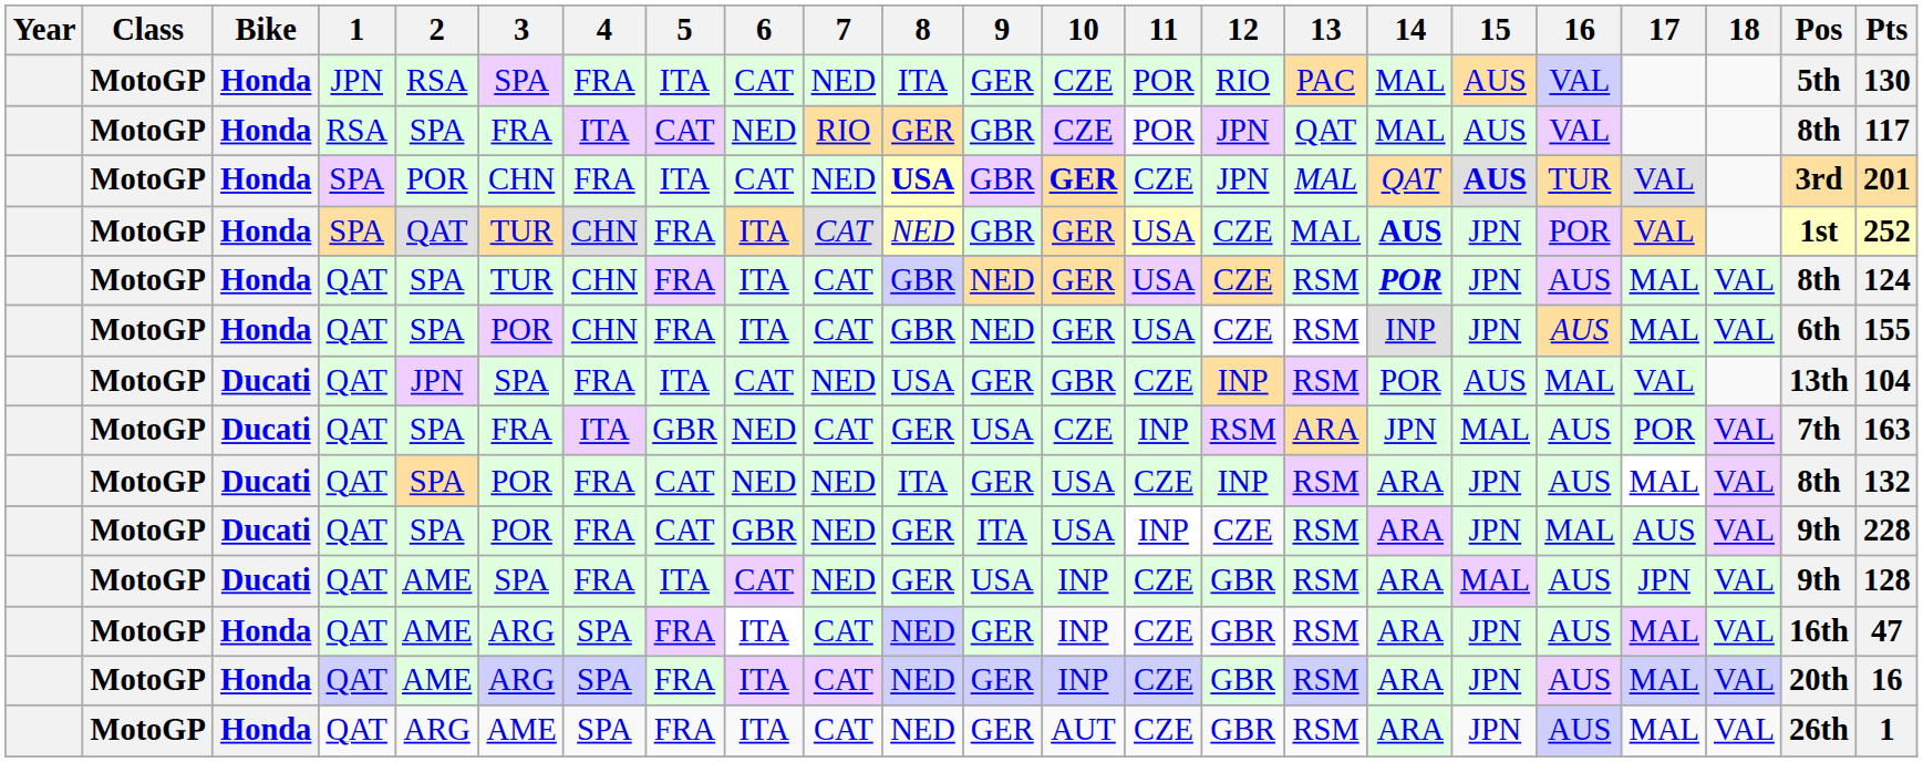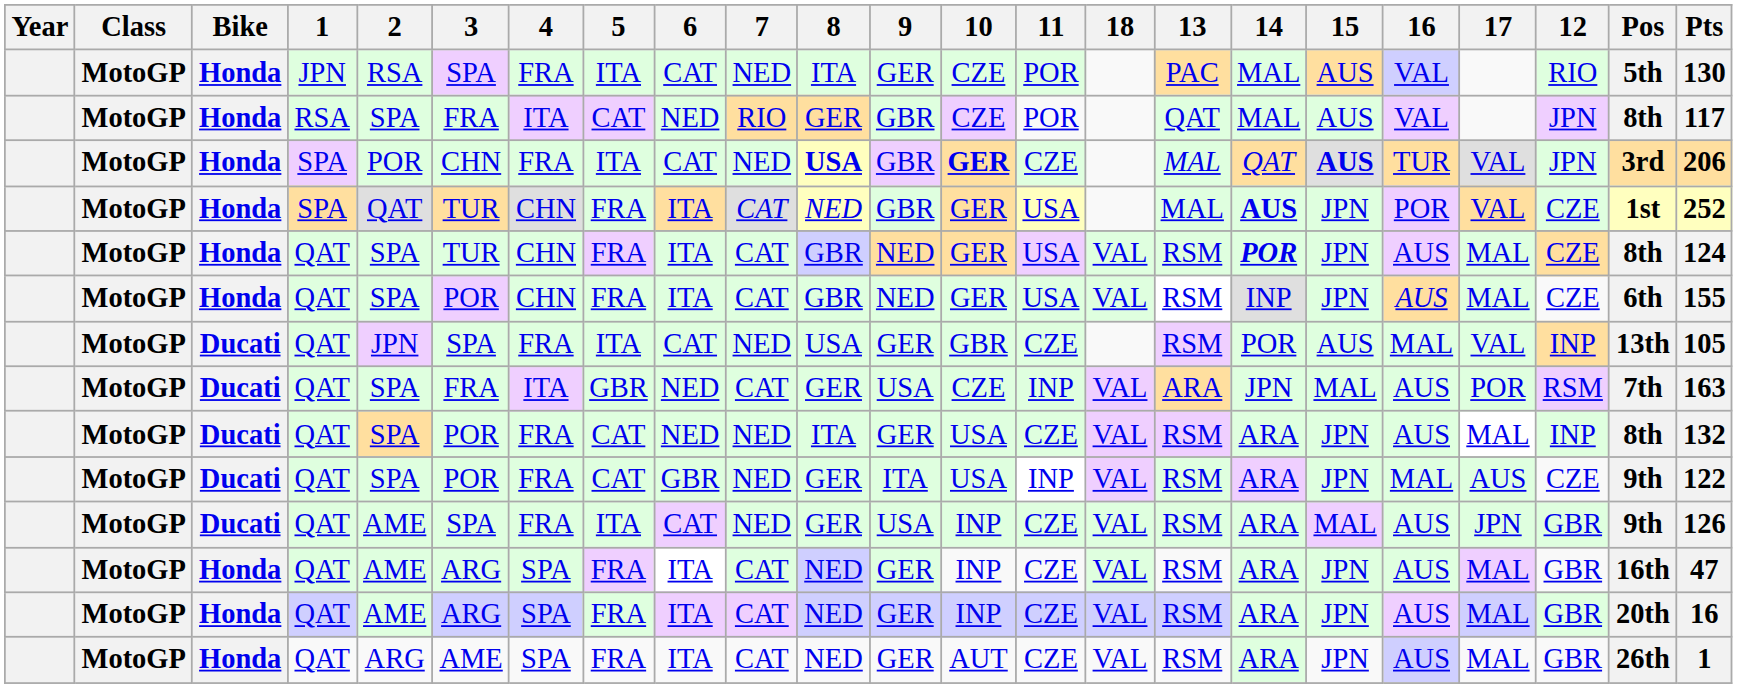 <table class="wikitable" style="text-align:center">
 <tr>
 <th>Year</th>
 <th>Class</th>
 <th>Bike</th>
 <th>1</th>
 <th>2</th>
 <th>3</th>
 <th>4</th>
 <th>5</th>
 <th>6</th>
 <th>7</th>
 <th>8</th>
 <th>9</th>
 <th>10</th>
 <th>11</th>
-<th>12</th>
+<th>18</th>
 <th>13</th>
 <th>14</th>
 <th>15</th>
 <th>16</th>
 <th>17</th>
-<th>18</th>
+<th>12</th>
 <th>Pos</th>
 <th>Pts</th>
 </tr>
 <tr>
 <th></th>
 <th>MotoGP</th>
 <th><a href='#'>Honda</a></th>
 <td style="background:#DFFFDF;"><a href='#'>JPN</a><br></td>
 <td style="background:#DFFFDF;"><a href='#'>RSA</a><br></td>
 <td style="background:#EFCFFF;"><a href='#'>SPA</a><br></td>
 <td style="background:#DFFFDF;"><a href='#'>FRA</a><br></td>
 <td style="background:#DFFFDF;"><a href='#'>ITA</a><br></td>
 <td style="background:#DFFFDF;"><a href='#'>CAT</a><br></td>
 <td style="background:#DFFFDF;"><a href='#'>NED</a><br></td>
 <td style="background:#DFFFDF;"><a href='#'>ITA</a><br></td>
 <td style="background:#DFFFDF;"><a href='#'>GER</a><br></td>
 <td style="background:#DFFFDF;"><a href='#'>CZE</a><br></td>
 <td style="background:#DFFFDF;"><a href='#'>POR</a><br></td>
-<td style="background:#DFFFDF;"><a href='#'>RIO</a><br></td>
+<td></td>
 <td style="background:#FFDF9F;"><a href='#'>PAC</a><br></td>
 <td style="background:#DFFFDF;"><a href='#'>MAL</a><br></td>
 <td style="background:#FFDF9F;"><a href='#'>AUS</a><br></td>
 <td style="background:#CFCFFF;"><a href='#'>VAL</a><br></td>
 <td></td>
-<td></td>
+<td style="background:#DFFFDF;"><a href='#'>RIO</a><br></td>
 <th>5th</th>
 <th>130</th>
 </tr>
 <tr>
 <th></th>
 <th>MotoGP</th>
 <th><a href='#'>Honda</a></th>
 <td style="background:#DFFFDF;"><a href='#'>RSA</a><br></td>
 <td style="background:#DFFFDF;"><a href='#'>SPA</a><br></td>
 <td style="background:#DFFFDF;"><a href='#'>FRA</a><br></td>
 <td style="background:#EFCFFF;"><a href='#'>ITA</a><br></td>
 <td style="background:#EFCFFF;"><a href='#'>CAT</a><br></td>
 <td style="background:#DFFFDF;"><a href='#'>NED</a><br></td>
 <td style="background:#FFDF9F;"><a href='#'>RIO</a><br></td>
 <td style="background:#FFDF9F;"><a href='#'>GER</a><br></td>
 <td style="background:#DFFFDF;"><a href='#'>GBR</a><br></td>
 <td style="background:#EFCFFF;"><a href='#'>CZE</a><br></td>
 <td><a href='#'>POR</a></td>
-<td style="background:#EFCFFF;"><a href='#'>JPN</a><br></td>
+<td></td>
 <td style="background:#DFFFDF;"><a href='#'>QAT</a><br></td>
 <td style="background:#DFFFDF;"><a href='#'>MAL</a><br></td>
 <td style="background:#DFFFDF;"><a href='#'>AUS</a><br></td>
 <td style="background:#EFCFFF;"><a href='#'>VAL</a><br></td>
 <td></td>
-<td></td>
+<td style="background:#EFCFFF;"><a href='#'>JPN</a><br></td>
 <th>8th</th>
 <th>117</th>
 </tr>
 <tr>
 <th></th>
 <th>MotoGP</th>
 <th><a href='#'>Honda</a></th>
 <td style="background:#EFCFFF;"><a href='#'>SPA</a><br></td>
 <td style="background:#DFFFDF;"><a href='#'>POR</a><br></td>
 <td style="background:#DFFFDF;"><a href='#'>CHN</a><br></td>
 <td style="background:#DFFFDF;"><a href='#'>FRA</a><br></td>
 <td style="background:#DFFFDF;"><a href='#'>ITA</a><br></td>
 <td style="background:#DFFFDF;"><a href='#'>CAT</a><br></td>
 <td style="background:#DFFFDF;"><a href='#'>NED</a><br></td>
 <td style="background:#FFFFBF;"><strong><a href='#'>USA</a></strong><br></td>
 <td style="background:#EFCFFF;"><a href='#'>GBR</a><br></td>
 <td style="background:#FFDF9F;"><strong><a href='#'>GER</a></strong><br></td>
 <td style="background:#DFFFDF;"><a href='#'>CZE</a><br></td>
-<td style="background:#DFFFDF;"><a href='#'>JPN</a><br></td>
+<td></td>
 <td style="background:#DFFFDF;"><em><a href='#'>MAL</a></em><br></td>
 <td style="background:#FFDF9F;"><em><a href='#'>QAT</a></em><br></td>
 <td style="background:#DFDFDF;"><strong><a href='#'>AUS</a></strong><br></td>
 <td style="background:#FFDF9F;"><a href='#'>TUR</a><br></td>
 <td style="background:#DFDFDF;"><a href='#'>VAL</a><br></td>
-<td></td>
+<td style="background:#DFFFDF;"><a href='#'>JPN</a><br></td>
 <th style="background:#FFDF9F;">3rd</th>
-<th style="background:#FFDF9F;">201</th>
+<th style="background:#FFDF9F;">206</th>
 </tr>
 <tr>
 <th></th>
 <th>MotoGP</th>
 <th><a href='#'>Honda</a></th>
 <td style="background:#FFDF9F;"><a href='#'>SPA</a><br></td>
 <td style="background:#DFDFDF;"><a href='#'>QAT</a><br></td>
 <td style="background:#FFDF9F;"><a href='#'>TUR</a><br></td>
 <td style="background:#DFDFDF;"><a href='#'>CHN</a><br></td>
 <td style="background:#DFFFDF;"><a href='#'>FRA</a><br></td>
 <td style="background:#FFDF9F;"><a href='#'>ITA</a><br></td>
 <td style="background:#DFDFDF;"><em><a href='#'>CAT</a></em><br></td>
 <td style="background:#FFFFBF;"><em><a href='#'>NED</a></em><br></td>
 <td style="background:#DFFFDF;"><a href='#'>GBR</a><br></td>
 <td style="background:#FFDF9F;"><a href='#'>GER</a><br></td>
 <td style="background:#FFFFBF;"><a href='#'>USA</a><br></td>
-<td style="background:#DFFFDF;"><a href='#'>CZE</a><br></td>
+<td></td>
 <td style="background:#DFFFDF;"><a href='#'>MAL</a><br></td>
 <td style="background:#DFFFDF;"><strong><a href='#'>AUS</a></strong><br></td>
 <td style="background:#DFFFDF;"><a href='#'>JPN</a><br></td>
 <td style="background:#EFCFFF;"><a href='#'>POR</a><br></td>
 <td style="background:#FFDF9F;"><a href='#'>VAL</a><br></td>
-<td></td>
+<td style="background:#DFFFDF;"><a href='#'>CZE</a><br></td>
 <th style="background:#FFFFBF;">1st</th>
 <th style="background:#FFFFBF;">252</th>
 </tr>
 <tr>
 <th></th>
 <th>MotoGP</th>
 <th><a href='#'>Honda</a></th>
 <td style="background:#DFFFDF;"><a href='#'>QAT</a><br></td>
 <td style="background:#DFFFDF;"><a href='#'>SPA</a><br></td>
 <td style="background:#DFFFDF;"><a href='#'>TUR</a><br></td>
 <td style="background:#DFFFDF;"><a href='#'>CHN</a><br></td>
 <td style="background:#EFCFFF;"><a href='#'>FRA</a><br></td>
 <td style="background:#DFFFDF;"><a href='#'>ITA</a><br></td>
 <td style="background:#DFFFDF;"><a href='#'>CAT</a><br></td>
 <td style="background:#CFCFFF;"><a href='#'>GBR</a><br></td>
 <td style="background:#FFDF9F;"><a href='#'>NED</a><br></td>
 <td style="background:#FFDF9F;"><a href='#'>GER</a><br></td>
 <td style="background:#EFCFFF;"><a href='#'>USA</a><br></td>
-<td style="background:#FFDF9F;"><a href='#'>CZE</a><br></td>
+<td style="background:#DFFFDF;"><a href='#'>VAL</a><br></td>
 <td style="background:#DFFFDF;"><a href='#'>RSM</a><br></td>
 <td style="background:#DFFFDF;"><strong><em><a href='#'>POR</a></em></strong><br></td>
 <td style="background:#DFFFDF;"><a href='#'>JPN</a><br></td>
 <td style="background:#EFCFFF;"><a href='#'>AUS</a><br></td>
 <td style="background:#DFFFDF;"><a href='#'>MAL</a><br></td>
-<td style="background:#DFFFDF;"><a href='#'>VAL</a><br></td>
+<td style="background:#FFDF9F;"><a href='#'>CZE</a><br></td>
 <th>8th</th>
 <th>124</th>
 </tr>
 <tr>
 <th></th>
 <th>MotoGP</th>
 <th><a href='#'>Honda</a></th>
 <td style="background:#DFFFDF;"><a href='#'>QAT</a><br></td>
 <td style="background:#DFFFDF;"><a href='#'>SPA</a><br></td>
 <td style="background:#EFCFFF;"><a href='#'>POR</a><br></td>
 <td style="background:#DFFFDF;"><a href='#'>CHN</a><br></td>
 <td style="background:#DFFFDF;"><a href='#'>FRA</a><br></td>
 <td style="background:#DFFFDF;"><a href='#'>ITA</a><br></td>
 <td style="background:#DFFFDF;"><a href='#'>CAT</a><br></td>
 <td style="background:#DFFFDF;"><a href='#'>GBR</a><br></td>
 <td style="background:#DFFFDF;"><a href='#'>NED</a><br></td>
 <td style="background:#DFFFDF;"><a href='#'>GER</a><br></td>
 <td style="background:#DFFFDF;"><a href='#'>USA</a><br></td>
-<td><a href='#'>CZE</a></td>
+<td style="background:#DFFFDF;"><a href='#'>VAL</a><br></td>
 <td style="background:#FFFFFF;"><a href='#'>RSM</a><br></td>
 <td style="background:#DFDFDF;"><a href='#'>INP</a><br></td>
 <td style="background:#DFFFDF;"><a href='#'>JPN</a><br></td>
 <td style="background:#FFDF9F;"><em><a href='#'>AUS</a></em><br></td>
 <td style="background:#DFFFDF;"><a href='#'>MAL</a><br></td>
-<td style="background:#DFFFDF;"><a href='#'>VAL</a><br></td>
+<td><a href='#'>CZE</a></td>
 <th>6th</th>
 <th>155</th>
 </tr>
 <tr>
 <th></th>
 <th>MotoGP</th>
 <th><a href='#'>Ducati</a></th>
 <td style="background:#DFFFDF;"><a href='#'>QAT</a><br></td>
 <td style="background:#EFCFFF;"><a href='#'>JPN</a><br></td>
 <td style="background:#DFFFDF;"><a href='#'>SPA</a><br></td>
 <td style="background:#DFFFDF;"><a href='#'>FRA</a><br></td>
 <td style="background:#DFFFDF;"><a href='#'>ITA</a><br></td>
 <td style="background:#DFFFDF;"><a href='#'>CAT</a><br></td>
 <td style="background:#DFFFDF;"><a href='#'>NED</a><br></td>
 <td style="background:#DFFFDF;"><a href='#'>USA</a><br></td>
 <td style="background:#DFFFDF;"><a href='#'>GER</a><br></td>
 <td style="background:#DFFFDF;"><a href='#'>GBR</a><br></td>
 <td style="background:#DFFFDF;"><a href='#'>CZE</a><br></td>
-<td style="background:#FFDF9F;"><a href='#'>INP</a><br></td>
+<td></td>
 <td style="background:#EFCFFF;"><a href='#'>RSM</a><br></td>
 <td style="background:#DFFFDF;"><a href='#'>POR</a><br></td>
 <td style="background:#DFFFDF;"><a href='#'>AUS</a><br></td>
 <td style="background:#DFFFDF;"><a href='#'>MAL</a><br></td>
 <td style="background:#DFFFDF;"><a href='#'>VAL</a><br></td>
-<td></td>
+<td style="background:#FFDF9F;"><a href='#'>INP</a><br></td>
 <th>13th</th>
-<th>104</th>
+<th>105</th>
 </tr>
 <tr>
 <th></th>
 <th>MotoGP</th>
 <th><a href='#'>Ducati</a></th>
 <td style="background:#DFFFDF;"><a href='#'>QAT</a><br></td>
 <td style="background:#DFFFDF;"><a href='#'>SPA</a><br></td>
 <td style="background:#DFFFDF;"><a href='#'>FRA</a><br></td>
 <td style="background:#EFCFFF;"><a href='#'>ITA</a><br></td>
 <td style="background:#DFFFDF;"><a href='#'>GBR</a><br></td>
 <td style="background:#DFFFDF;"><a href='#'>NED</a><br></td>
 <td style="background:#DFFFDF;"><a href='#'>CAT</a><br></td>
 <td style="background:#DFFFDF;"><a href='#'>GER</a><br></td>
 <td style="background:#DFFFDF;"><a href='#'>USA</a><br></td>
 <td style="background:#DFFFDF;"><a href='#'>CZE</a><br></td>
 <td style="background:#DFFFDF;"><a href='#'>INP</a><br></td>
-<td style="background:#EFCFFF;"><a href='#'>RSM</a><br></td>
+<td style="background:#EFCFFF;"><a href='#'>VAL</a><br></td>
 <td style="background:#FFDF9F;"><a href='#'>ARA</a><br></td>
 <td style="background:#DFFFDF;"><a href='#'>JPN</a><br></td>
 <td style="background:#DFFFDF;"><a href='#'>MAL</a><br></td>
 <td style="background:#DFFFDF;"><a href='#'>AUS</a><br></td>
 <td style="background:#DFFFDF;"><a href='#'>POR</a><br></td>
-<td style="background:#EFCFFF;"><a href='#'>VAL</a><br></td>
+<td style="background:#EFCFFF;"><a href='#'>RSM</a><br></td>
 <th>7th</th>
 <th>163</th>
 </tr>
 <tr>
 <th></th>
 <th>MotoGP</th>
 <th><a href='#'>Ducati</a></th>
 <td style="background:#DFFFDF;"><a href='#'>QAT</a><br></td>
 <td style="background:#FFDF9F;"><a href='#'>SPA</a><br></td>
 <td style="background:#DFFFDF;"><a href='#'>POR</a><br></td>
 <td style="background:#DFFFDF;"><a href='#'>FRA</a><br></td>
 <td style="background:#DFFFDF;"><a href='#'>CAT</a><br></td>
 <td style="background:#DFFFDF;"><a href='#'>NED</a><br></td>
 <td style="background:#DFFFDF;"><a href='#'>NED</a><br></td>
 <td style="background:#DFFFDF;"><a href='#'>ITA</a><br></td>
 <td style="background:#DFFFDF;"><a href='#'>GER</a><br></td>
 <td style="background:#DFFFDF;"><a href='#'>USA</a><br></td>
 <td style="background:#DFFFDF;"><a href='#'>CZE</a><br></td>
-<td style="background:#DFFFDF;"><a href='#'>INP</a><br></td>
+<td style="background:#EFCFFF;"><a href='#'>VAL</a><br></td>
 <td style="background:#EFCFFF;"><a href='#'>RSM</a><br></td>
 <td style="background:#DFFFDF;"><a href='#'>ARA</a><br></td>
 <td style="background:#DFFFDF;"><a href='#'>JPN</a><br></td>
 <td style="background:#DFFFDF;"><a href='#'>AUS</a><br></td>
 <td style="background:#FFFFFF;"><a href='#'>MAL</a><br></td>
-<td style="background:#EFCFFF;"><a href='#'>VAL</a><br></td>
+<td style="background:#DFFFDF;"><a href='#'>INP</a><br></td>
 <th>8th</th>
 <th>132</th>
 </tr>
 <tr>
 <th></th>
 <th>MotoGP</th>
 <th><a href='#'>Ducati</a></th>
 <td style="background:#DFFFDF;"><a href='#'>QAT</a><br></td>
 <td style="background:#DFFFDF;"><a href='#'>SPA</a><br></td>
 <td style="background:#DFFFDF;"><a href='#'>POR</a><br></td>
 <td style="background:#DFFFDF;"><a href='#'>FRA</a><br></td>
 <td style="background:#DFFFDF;"><a href='#'>CAT</a><br></td>
 <td style="background:#DFFFDF;"><a href='#'>GBR</a><br></td>
 <td style="background:#DFFFDF;"><a href='#'>NED</a><br></td>
 <td style="background:#DFFFDF;"><a href='#'>GER</a><br></td>
 <td style="background:#DFFFDF;"><a href='#'>ITA</a><br></td>
 <td style="background:#DFFFDF;"><a href='#'>USA</a><br></td>
 <td style="background:#FFFFFF;"><a href='#'>INP</a><br></td>
-<td><a href='#'>CZE</a></td>
+<td style="background:#EFCFFF;"><a href='#'>VAL</a><br></td>
 <td style="background:#DFFFDF;"><a href='#'>RSM</a><br></td>
 <td style="background:#EFCFFF;"><a href='#'>ARA</a><br></td>
 <td style="background:#DFFFDF;"><a href='#'>JPN</a><br></td>
 <td style="background:#DFFFDF;"><a href='#'>MAL</a><br></td>
 <td style="background:#DFFFDF;"><a href='#'>AUS</a><br></td>
-<td style="background:#EFCFFF;"><a href='#'>VAL</a><br></td>
+<td><a href='#'>CZE</a></td>
 <th>9th</th>
-<th>228</th>
+<th>122</th>
 </tr>
 <tr>
 <th></th>
 <th>MotoGP</th>
 <th><a href='#'>Ducati</a></th>
 <td style="background:#DFFFDF;"><a href='#'>QAT</a><br></td>
 <td style="background:#DFFFDF;"><a href='#'>AME</a><br></td>
 <td style="background:#DFFFDF;"><a href='#'>SPA</a><br></td>
 <td style="background:#DFFFDF;"><a href='#'>FRA</a><br></td>
 <td style="background:#DFFFDF;"><a href='#'>ITA</a><br></td>
 <td style="background:#EFCFFF;"><a href='#'>CAT</a><br></td>
 <td style="background:#DFFFDF;"><a href='#'>NED</a><br></td>
 <td style="background:#dfffdf;"><a href='#'>GER</a><br></td>
 <td style="background:#dfffdf;"><a href='#'>USA</a><br></td>
 <td style="background:#dfffdf;"><a href='#'>INP</a><br></td>
 <td style="background:#dfffdf;"><a href='#'>CZE</a><br></td>
-<td style="background:#dfffdf;"><a href='#'>GBR</a><br></td>
+<td style="background:#dfffdf;"><a href='#'>VAL</a><br></td>
 <td style="background:#DFFFDF;"><a href='#'>RSM</a><br></td>
 <td style="background:#DFFFDF;"><a href='#'>ARA</a><br></td>
 <td style="background:#EFCFFF;"><a href='#'>MAL</a><br></td>
 <td style="background:#DFFFDF;"><a href='#'>AUS</a><br></td>
 <td style="background:#dfffdf;"><a href='#'>JPN</a><br></td>
-<td style="background:#dfffdf;"><a href='#'>VAL</a><br></td>
+<td style="background:#dfffdf;"><a href='#'>GBR</a><br></td>
 <th>9th</th>
-<th>128</th>
+<th>126</th>
 </tr>
 <tr>
 <th></th>
 <th>MotoGP</th>
 <th><a href='#'>Honda</a></th>
 <td style="background:#dfffdf;"><a href='#'>QAT</a><br></td>
 <td style="background:#dfffdf;"><a href='#'>AME</a><br></td>
 <td style="background:#dfffdf;"><a href='#'>ARG</a><br></td>
 <td style="background:#dfffdf;"><a href='#'>SPA</a><br></td>
 <td style="background:#efcfff;"><a href='#'>FRA</a><br></td>
 <td style="background:#ffffff;"><a href='#'>ITA</a><br></td>
 <td style="background:#dfffdf;"><a href='#'>CAT</a><br></td>
 <td style="background:#CFCFFF;"><a href='#'>NED</a><br></td>
 <td style="background:#dfffdf;"><a href='#'>GER</a><br></td>
 <td><a href='#'>INP</a></td>
 <td><a href='#'>CZE</a></td>
-<td><a href='#'>GBR</a></td>
+<td style="background:#dfffdf;"><a href='#'>VAL</a><br></td>
 <td><a href='#'>RSM</a></td>
 <td style="background:#dfffdf;"><a href='#'>ARA</a><br></td>
 <td style="background:#dfffdf;"><a href='#'>JPN</a><br></td>
 <td style="background:#dfffdf;"><a href='#'>AUS</a><br></td>
 <td style="background:#efcfff;"><a href='#'>MAL</a><br></td>
-<td style="background:#dfffdf;"><a href='#'>VAL</a><br></td>
+<td><a href='#'>GBR</a></td>
 <th>16th</th>
 <th>47</th>
 </tr>
 <tr>
 <th></th>
 <th>MotoGP</th>
 <th><a href='#'>Honda</a></th>
 <td style="background:#CFCFFF;"><a href='#'>QAT</a><br></td>
 <td style="background:#dfffdf;"><a href='#'>AME</a><br></td>
 <td style="background:#CFCFFF;"><a href='#'>ARG</a><br></td>
 <td style="background:#CFCFFF;"><a href='#'>SPA</a><br></td>
 <td style="background:#dfffdf;"><a href='#'>FRA</a><br></td>
 <td style="background:#efcfff;"><a href='#'>ITA</a><br></td>
 <td style="background:#efcfff;"><a href='#'>CAT</a><br></td>
 <td style="background:#CFCFFF;"><a href='#'>NED</a><br></td>
 <td style="background:#CFCFFF;"><a href='#'>GER</a><br></td>
 <td style="background:#CFCFFF;"><a href='#'>INP</a><br></td>
 <td style="background:#CFCFFF;"><a href='#'>CZE</a><br></td>
-<td style="background:#dfffdf;"><a href='#'>GBR</a><br></td>
+<td style="background:#cfcfff;"><a href='#'>VAL</a><br></td>
 <td style="background:#cfcfff;"><a href='#'>RSM</a><br></td>
 <td style="background:#dfffdf;"><a href='#'>ARA</a><br></td>
 <td style="background:#dfffdf;"><a href='#'>JPN</a><br></td>
 <td style="background:#efcfff;"><a href='#'>AUS</a><br></td>
 <td style="background:#cfcfff;"><a href='#'>MAL</a><br></td>
-<td style="background:#cfcfff;"><a href='#'>VAL</a><br></td>
+<td style="background:#dfffdf;"><a href='#'>GBR</a><br></td>
 <th>20th</th>
 <th>16</th>
 </tr>
 <tr>
 <th></th>
 <th>MotoGP</th>
 <th><a href='#'>Honda</a></th>
 <td><a href='#'>QAT</a></td>
 <td><a href='#'>ARG</a></td>
 <td><a href='#'>AME</a></td>
 <td><a href='#'>SPA</a></td>
 <td><a href='#'>FRA</a></td>
 <td><a href='#'>ITA</a></td>
 <td><a href='#'>CAT</a></td>
 <td><a href='#'>NED</a></td>
 <td><a href='#'>GER</a></td>
 <td><a href='#'>AUT</a></td>
 <td><a href='#'>CZE</a></td>
-<td><a href='#'>GBR</a></td>
+<td><a href='#'>VAL</a></td>
 <td><a href='#'>RSM</a></td>
 <td style="background:#dfffdf;"><a href='#'>ARA</a><br></td>
 <td><a href='#'>JPN</a></td>
 <td style="background:#cfcfff;"><a href='#'>AUS</a><br></td>
 <td><a href='#'>MAL</a></td>
-<td><a href='#'>VAL</a></td>
+<td><a href='#'>GBR</a></td>
 <th>26th</th>
 <th>1</th>
 </tr>
 </table>
